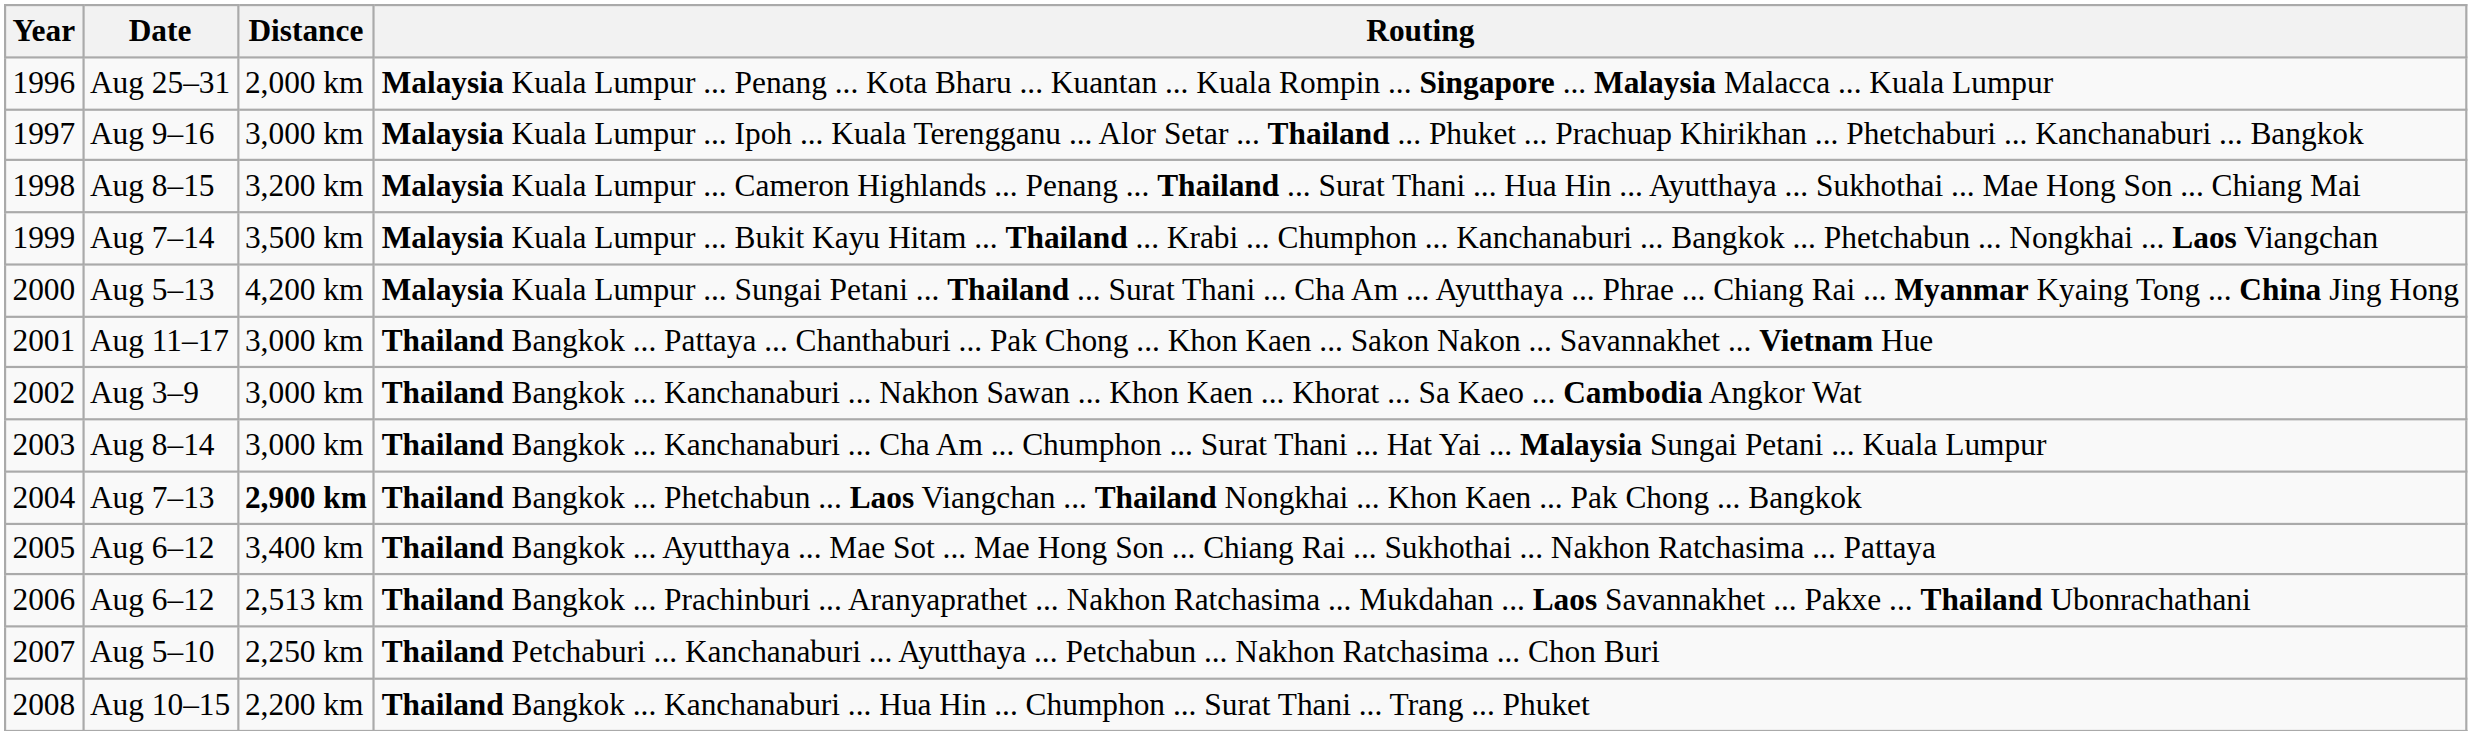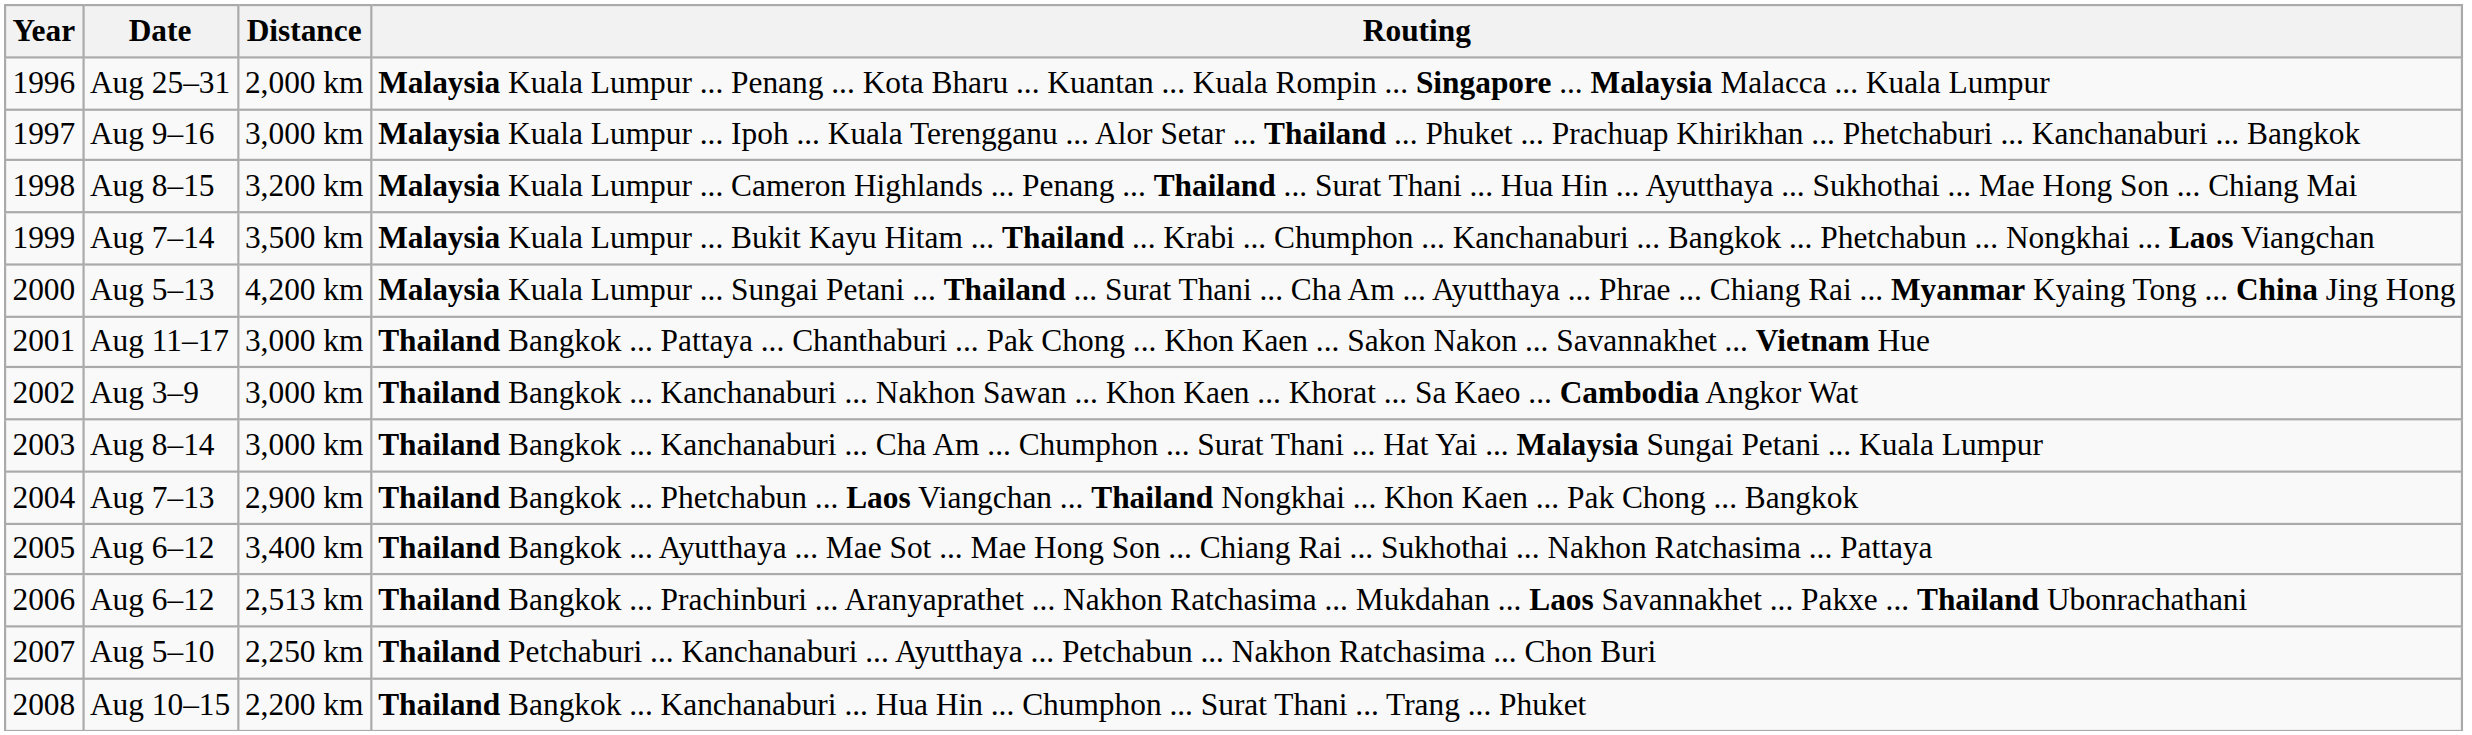 <table class="wikitable" style="font-size:90%;">
 <tr>
 <th>Year</th>
 <th>Date</th>
 <th>Distance</th>
 <th>Routing</th>
 </tr>
 <tr>
 <td>1996</td>
 <td>Aug 25–31</td>
 <td>2,000 km</td>
 <td><strong>Malaysia</strong> Kuala Lumpur ... Penang ... Kota Bharu ... Kuantan ... Kuala Rompin ... <strong>Singapore</strong> ... <strong>Malaysia</strong> Malacca ... Kuala Lumpur</td>
 </tr>
 <tr>
 <td>1997</td>
 <td>Aug 9–16</td>
 <td>3,000 km</td>
 <td><strong>Malaysia</strong> Kuala Lumpur ... Ipoh ... Kuala Terengganu ... Alor Setar ... <strong>Thailand</strong> ... Phuket ... Prachuap Khirikhan ... Phetchaburi ... Kanchanaburi ... Bangkok</td>
 </tr>
 <tr>
 <td>1998</td>
 <td>Aug 8–15</td>
 <td>3,200 km</td>
 <td><strong>Malaysia</strong> Kuala Lumpur ... Cameron Highlands ... Penang ... <strong>Thailand</strong> ... Surat Thani ... Hua Hin ... Ayutthaya ... Sukhothai ... Mae Hong Son ... Chiang Mai</td>
 </tr>
 <tr>
 <td>1999</td>
 <td>Aug 7–14</td>
 <td>3,500 km</td>
 <td><strong>Malaysia</strong> Kuala Lumpur ... Bukit Kayu Hitam ... <strong>Thailand</strong> ... Krabi ... Chumphon ... Kanchanaburi ... Bangkok ... Phetchabun ... Nongkhai ... <strong>Laos</strong> Viangchan</td>
 </tr>
 <tr>
 <td>2000</td>
 <td>Aug 5–13</td>
 <td>4,200 km</td>
 <td><strong>Malaysia</strong> Kuala Lumpur ... Sungai Petani ... <strong>Thailand</strong> ... Surat Thani ... Cha Am ... Ayutthaya ... Phrae ... Chiang Rai ... <strong>Myanmar</strong> Kyaing Tong ... <strong>China</strong> Jing Hong</td>
 </tr>
 <tr>
 <td>2001</td>
 <td>Aug 11–17</td>
 <td>3,000 km</td>
 <td><strong>Thailand</strong> Bangkok ... Pattaya ... Chanthaburi ... Pak Chong ... Khon Kaen ... Sakon Nakon ... Savannakhet ... <strong>Vietnam</strong> Hue</td>
 </tr>
 <tr>
 <td>2002</td>
 <td>Aug 3–9</td>
 <td>3,000 km</td>
 <td><strong>Thailand</strong> Bangkok ... Kanchanaburi ... Nakhon Sawan ... Khon Kaen ... Khorat ... Sa Kaeo ... <strong>Cambodia</strong> Angkor Wat</td>
 </tr>
 <tr>
 <td>2003</td>
 <td>Aug 8–14</td>
 <td>3,000 km</td>
 <td><strong>Thailand</strong> Bangkok ... Kanchanaburi ... Cha Am ... Chumphon ... Surat Thani ... Hat Yai ... <strong>Malaysia</strong> Sungai Petani ... Kuala Lumpur</td>
 </tr>
 <tr>
 <td>2004</td>
 <td>Aug 7–13</td>
-<td><strong>2,900 km</strong></td>
+<td>2,900 km</td>
 <td><strong>Thailand</strong> Bangkok ... Phetchabun ... <strong>Laos</strong> Viangchan ... <strong>Thailand</strong> Nongkhai ... Khon Kaen ... Pak Chong ... Bangkok</td>
 </tr>
 <tr>
 <td>2005</td>
 <td>Aug 6–12</td>
 <td>3,400 km</td>
 <td><strong>Thailand</strong> Bangkok ... Ayutthaya ... Mae Sot ... Mae Hong Son ... Chiang Rai ... Sukhothai ... Nakhon Ratchasima ... Pattaya</td>
 </tr>
 <tr>
 <td>2006</td>
 <td>Aug 6–12</td>
 <td>2,513 km</td>
 <td><strong>Thailand</strong> Bangkok ... Prachinburi ... Aranyaprathet ... Nakhon Ratchasima ... Mukdahan ... <strong>Laos</strong> Savannakhet ... Pakxe ... <strong>Thailand</strong> Ubonrachathani</td>
 </tr>
 <tr>
 <td>2007</td>
 <td>Aug 5–10</td>
 <td>2,250 km</td>
 <td><strong>Thailand</strong> Petchaburi ... Kanchanaburi ... Ayutthaya ... Petchabun ... Nakhon Ratchasima ... Chon Buri</td>
 </tr>
 <tr>
 <td>2008</td>
 <td>Aug 10–15</td>
 <td>2,200 km</td>
 <td><strong>Thailand</strong> Bangkok ... Kanchanaburi ... Hua Hin ... Chumphon ... Surat Thani ... Trang ... Phuket</td>
 </tr>
 <tr>
 </tr>
 </table>
